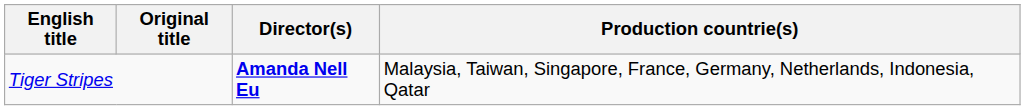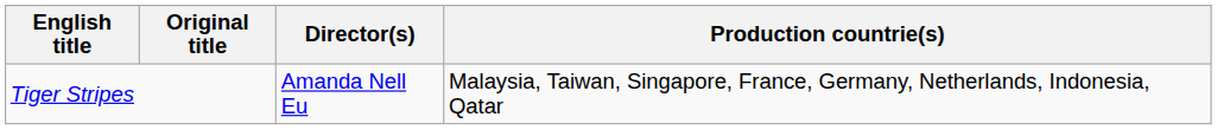 <table class="sortable wikitable" style="width:100%; margin-bottom:4px">
 <tr>
 <th scope="col">English title</th>
 <th scope="col">Original title</th>
 <th scope="col">Director(s)</th>
 <th scope="col">Production countrie(s)</th>
 </tr>
 <tr>
 <td colspan="2"><em><a href='#'>Tiger Stripes</a></em></td>
-<td><strong><a href='#'>Amanda Nell Eu</a></strong></td>
+<td><a href='#'>Amanda Nell Eu</a></td>
 <td>Malaysia, Taiwan, Singapore, France, Germany, Netherlands, Indonesia, Qatar</td>
 </tr>
 </table>
